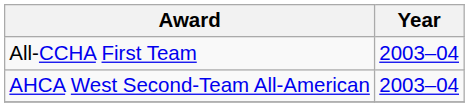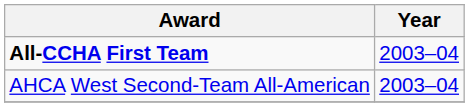 <table class="wikitable">
 <tr>
 <th>Award</th>
 <th>Year</th>
 </tr>
 <tr>
-<td>All-<a href='#'>CCHA</a> <a href='#'>First Team</a></td>
+<td><strong>All-<a href='#'>CCHA</a> <a href='#'>First Team</a></strong></td>
 <td><a href='#'>2003–04</a></td>
 </tr>
 <tr>
 <td><a href='#'>AHCA</a> <a href='#'>West Second-Team All-American</a></td>
 <td><a href='#'>2003–04</a></td>
 </tr>
 <tr>
 </tr>
 </table>
